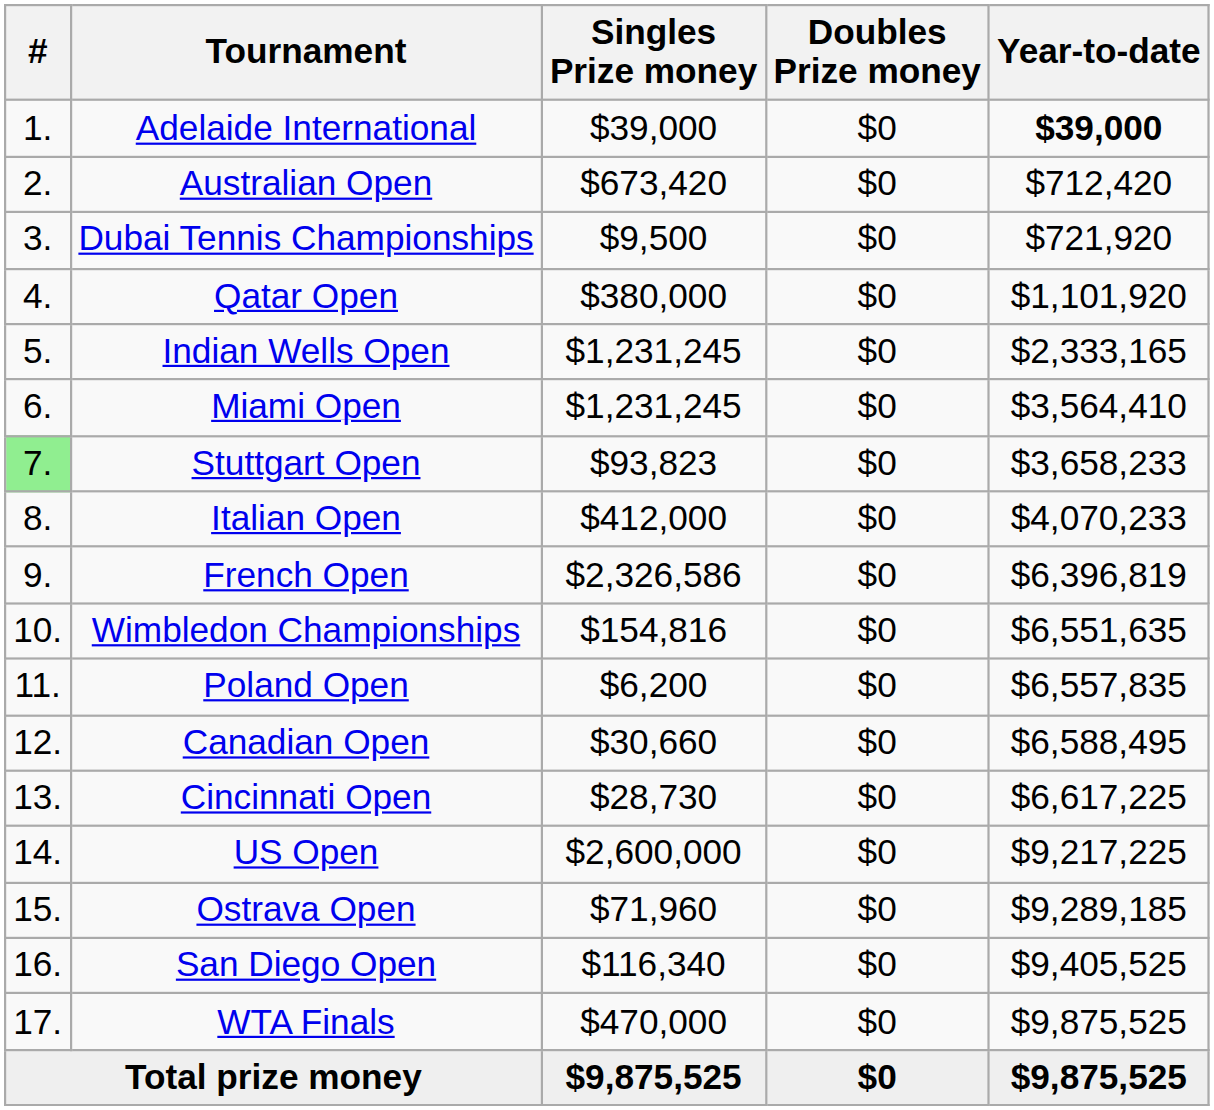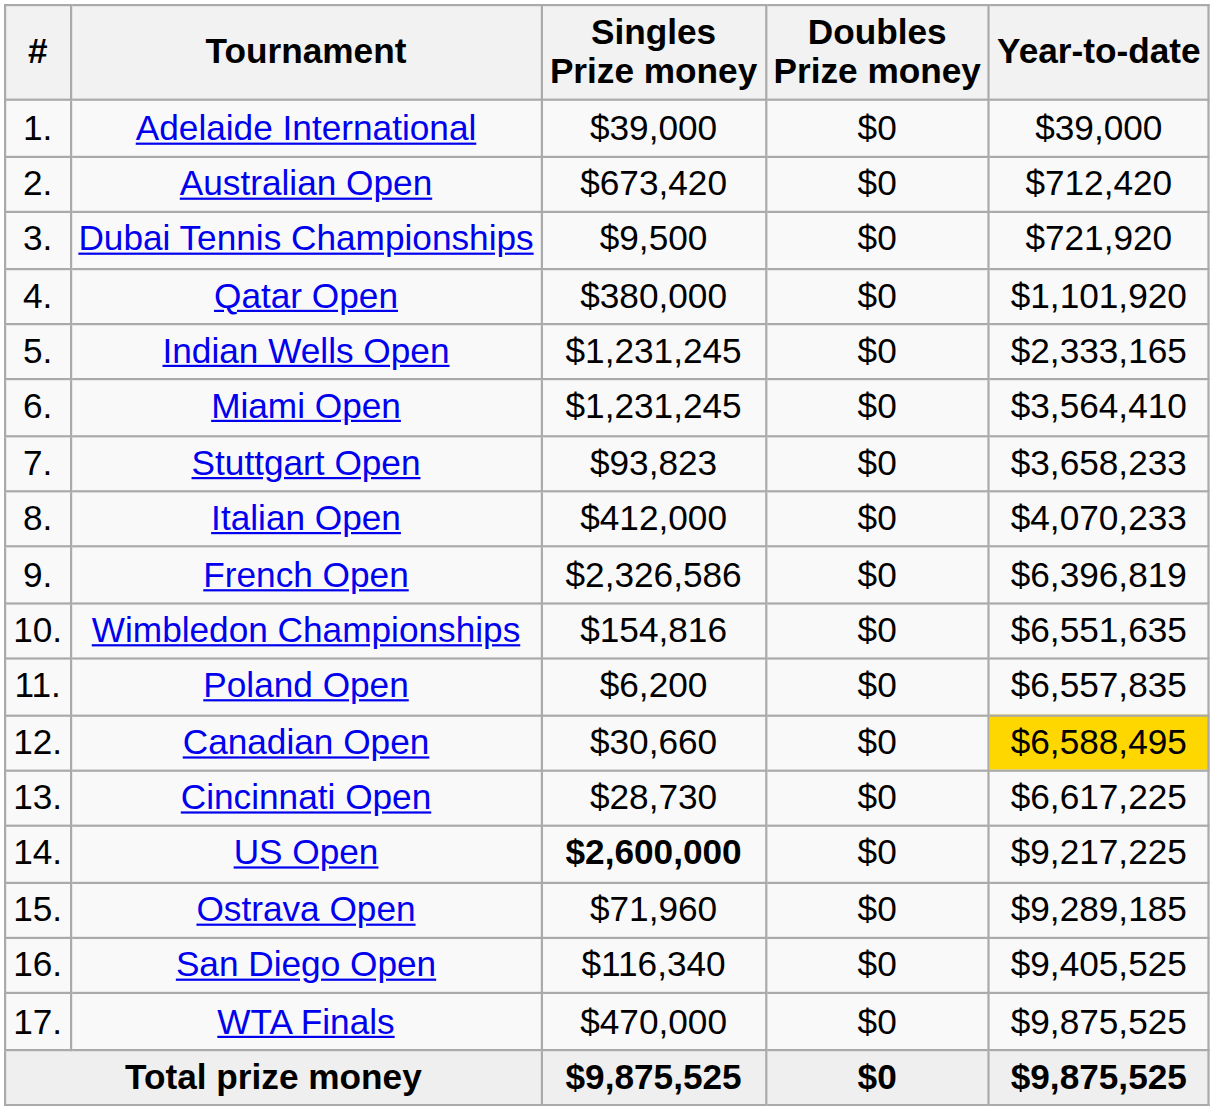 <table class="wikitable sortable" style="text-align:center">
 <tr>
 <th>#</th>
 <th>Tournament</th>
 <th>Singles<br>Prize money</th>
 <th>Doubles<br>Prize money</th>
 <th>Year-to-date</th>
 </tr>
 <tr>
 <td>1.</td>
 <td><a href='#'>Adelaide International</a></td>
 <td>$39,000</td>
 <td>$0</td>
-<td><strong>$39,000</strong></td>
+<td>$39,000</td>
 </tr>
 <tr>
 <td>2.</td>
 <td><a href='#'>Australian Open</a></td>
 <td>$673,420</td>
 <td>$0</td>
 <td>$712,420</td>
 </tr>
 <tr>
 <td>3.</td>
 <td><a href='#'>Dubai Tennis Championships</a></td>
 <td>$9,500</td>
 <td>$0</td>
 <td>$721,920</td>
 </tr>
 <tr>
 <td>4.</td>
 <td><a href='#'>Qatar Open</a></td>
 <td>$380,000</td>
 <td>$0</td>
 <td>$1,101,920</td>
 </tr>
 <tr>
 <td>5.</td>
 <td><a href='#'>Indian Wells Open</a></td>
 <td>$1,231,245</td>
 <td>$0</td>
 <td>$2,333,165</td>
 </tr>
 <tr>
 <td>6.</td>
 <td><a href='#'>Miami Open</a></td>
 <td>$1,231,245</td>
 <td>$0</td>
 <td>$3,564,410</td>
 </tr>
 <tr>
-<td style="background: lightgreen;">7.</td>
+<td>7.</td>
 <td><a href='#'>Stuttgart Open</a></td>
 <td>$93,823</td>
 <td>$0</td>
 <td>$3,658,233</td>
 </tr>
 <tr>
 <td>8.</td>
 <td><a href='#'>Italian Open</a></td>
 <td>$412,000</td>
 <td>$0</td>
 <td>$4,070,233</td>
 </tr>
 <tr>
 <td>9.</td>
 <td><a href='#'>French Open</a></td>
 <td>$2,326,586</td>
 <td>$0</td>
 <td>$6,396,819</td>
 </tr>
 <tr>
 <td>10.</td>
 <td><a href='#'>Wimbledon Championships</a></td>
 <td>$154,816</td>
 <td>$0</td>
 <td>$6,551,635</td>
 </tr>
 <tr>
 <td>11.</td>
 <td><a href='#'>Poland Open</a></td>
 <td>$6,200</td>
 <td>$0</td>
 <td>$6,557,835</td>
 </tr>
 <tr>
 <td>12.</td>
 <td><a href='#'>Canadian Open</a></td>
 <td>$30,660</td>
 <td>$0</td>
-<td>$6,588,495</td>
+<td style="background: gold;">$6,588,495</td>
 </tr>
 <tr>
 <td>13.</td>
 <td><a href='#'>Cincinnati Open</a></td>
 <td>$28,730</td>
 <td>$0</td>
 <td>$6,617,225</td>
 </tr>
 <tr>
 <td>14.</td>
 <td><a href='#'>US Open</a></td>
-<td>$2,600,000</td>
+<td><strong>$2,600,000</strong></td>
 <td>$0</td>
 <td>$9,217,225</td>
 </tr>
 <tr>
 <td>15.</td>
 <td><a href='#'>Ostrava Open</a></td>
 <td>$71,960</td>
 <td>$0</td>
 <td>$9,289,185</td>
 </tr>
 <tr>
 <td>16.</td>
 <td><a href='#'>San Diego Open</a></td>
 <td>$116,340</td>
 <td>$0</td>
 <td>$9,405,525</td>
 </tr>
 <tr>
 <td>17.</td>
 <td><a href='#'>WTA Finals</a></td>
 <td>$470,000</td>
 <td>$0</td>
 <td>$9,875,525</td>
 </tr>
 <tr style="background:#efefef">
 <td colspan="2" align="middle"><strong>Total prize money</strong></td>
 <td><strong>$9,875,525</strong></td>
 <td><strong>$0</strong></td>
 <td><strong>$9,875,525</strong></td>
 </tr>
 </table>
